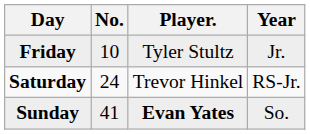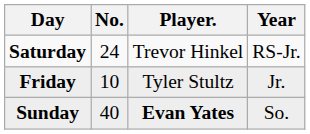 <table class="wikitable non-sortable">
 <tr>
 <th style="text-align:center; ">Day</th>
 <th style="text-align:center; ">No.</th>
 <th style="text-align:center; ">Player.</th>
 <th style="text-align:center; ">Year</th>
-</tr>
-<tr style="background:#eeeeee;text-align:center;">
-<td><strong>Friday</strong></td>
-<td>10</td>
-<td>Tyler Stultz</td>
-<td>Jr.</td>
 </tr>
 <tr style="text-align:center;">
 <td><strong>Saturday</strong></td>
 <td>24</td>
 <td>Trevor Hinkel</td>
 <td>RS-Jr.</td>
 </tr>
 <tr style="background:#eeeeee;text-align:center;">
+<td><strong>Friday</strong></td>
+<td>10</td>
+<td>Tyler Stultz</td>
+<td>Jr.</td>
+</tr>
+<tr style="background:#eeeeee;text-align:center;">
 <td><strong>Sunday</strong></td>
-<td>41</td>
+<td>40</td>
 <td><strong>Evan Yates</strong></td>
 <td>So.</td>
 </tr>
 </table>
